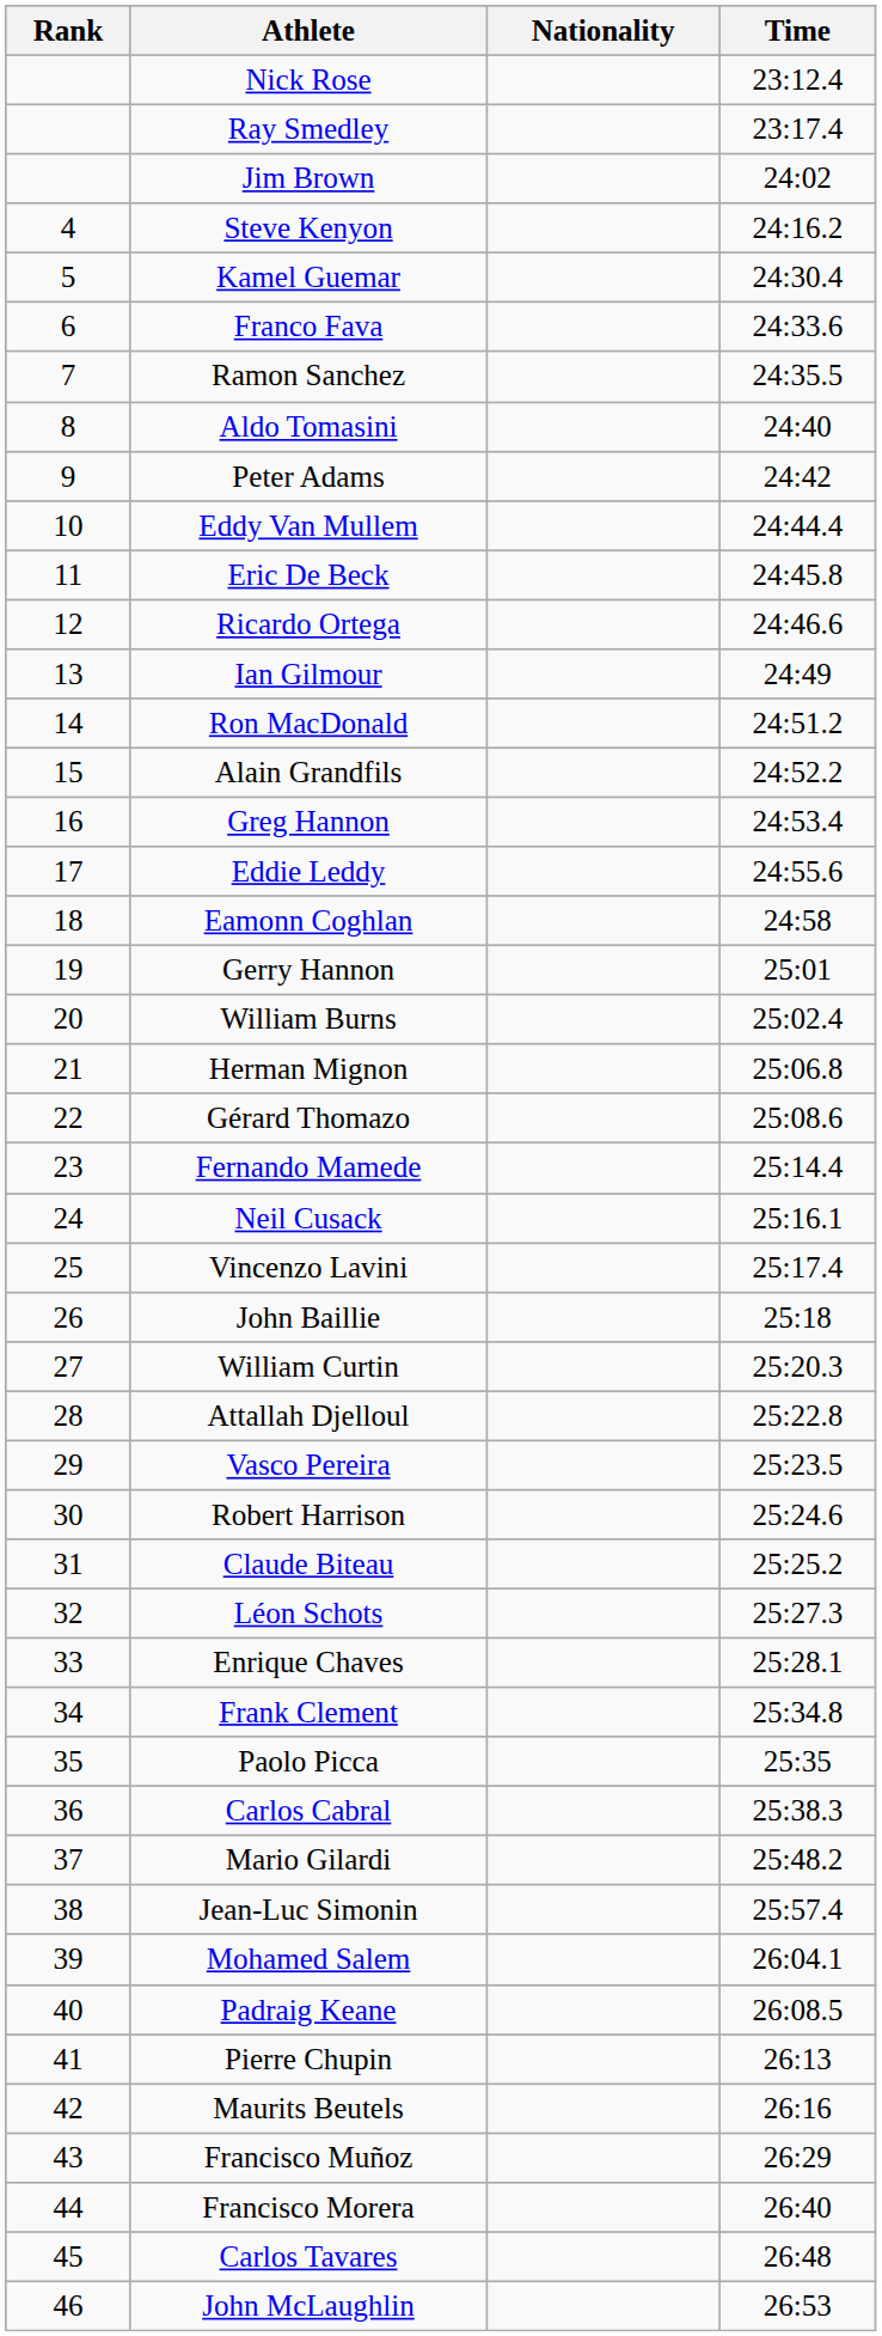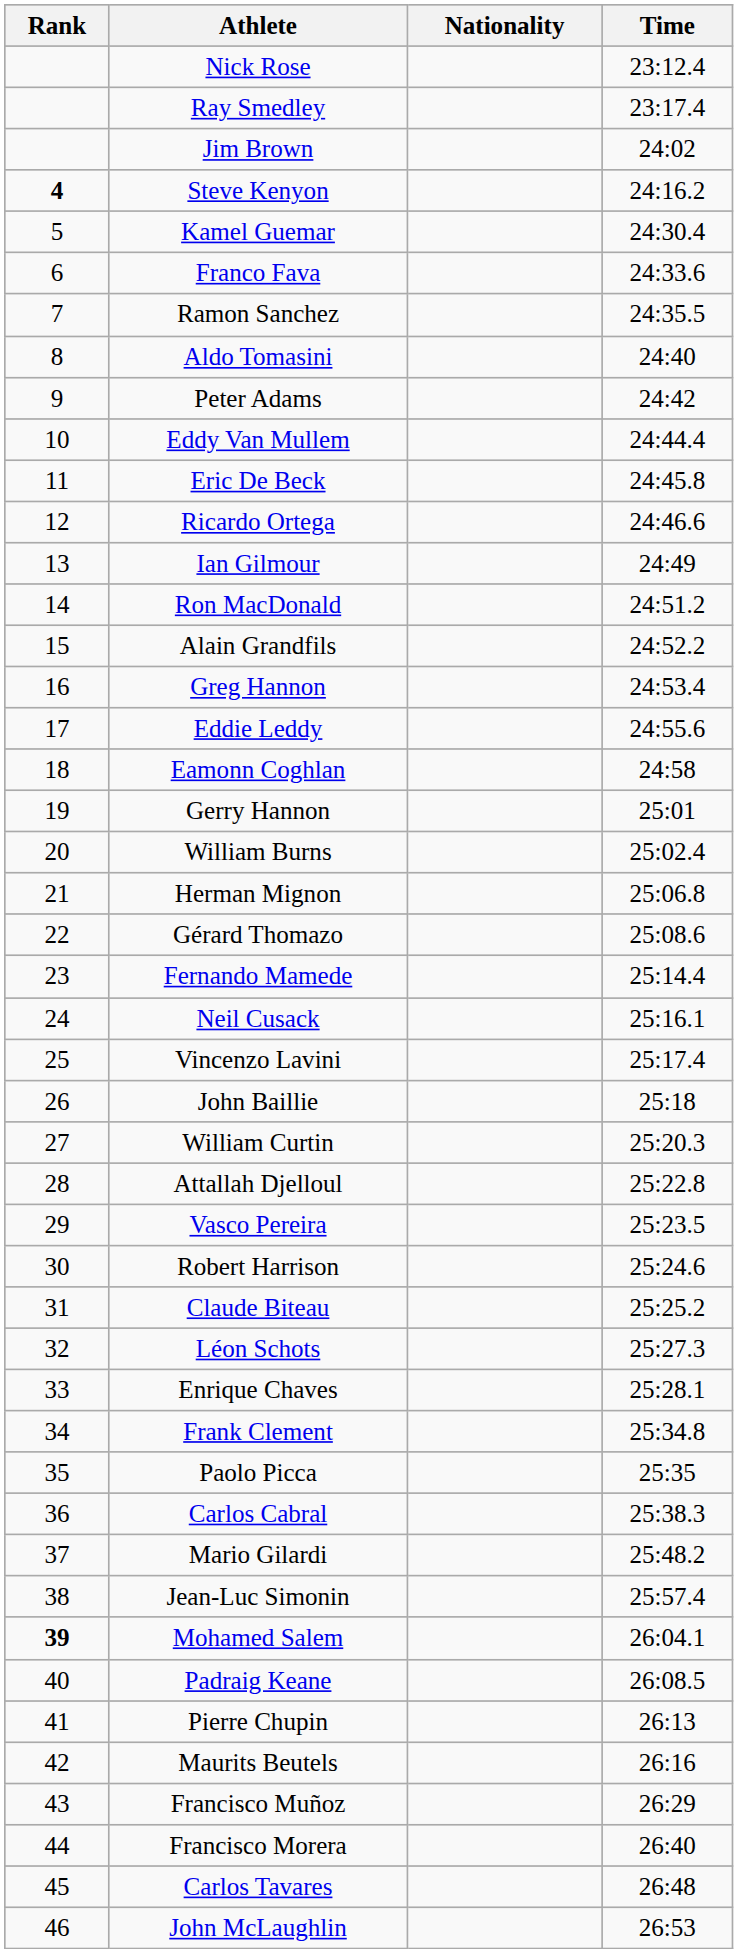 <table class="wikitable sortable" style=" text-align:center; font-size:95%;" width="50%">
 <tr>
 <th>Rank</th>
 <th>Athlete</th>
 <th>Nationality</th>
 <th>Time</th>
 </tr>
 <tr>
 <td align=center></td>
 <td><a href='#'>Nick Rose</a></td>
 <td></td>
 <td>23:12.4</td>
 </tr>
 <tr>
 <td align=center></td>
 <td><a href='#'>Ray Smedley</a></td>
 <td></td>
 <td>23:17.4</td>
 </tr>
 <tr>
 <td align=center></td>
 <td><a href='#'>Jim Brown</a></td>
 <td></td>
 <td>24:02</td>
 </tr>
 <tr>
-<td align=center>4</td>
+<td align=center><strong>4</strong></td>
 <td><a href='#'>Steve Kenyon</a></td>
 <td></td>
 <td>24:16.2</td>
 </tr>
 <tr>
 <td align=center>5</td>
 <td><a href='#'>Kamel Guemar</a></td>
 <td></td>
 <td>24:30.4</td>
 </tr>
 <tr>
 <td align=center>6</td>
 <td><a href='#'>Franco Fava</a></td>
 <td></td>
 <td>24:33.6</td>
 </tr>
 <tr>
 <td align=center>7</td>
 <td>Ramon Sanchez</td>
 <td></td>
 <td>24:35.5</td>
 </tr>
 <tr>
 <td align=center>8</td>
 <td><a href='#'>Aldo Tomasini</a></td>
 <td></td>
 <td>24:40</td>
 </tr>
 <tr>
 <td align=center>9</td>
 <td>Peter Adams</td>
 <td></td>
 <td>24:42</td>
 </tr>
 <tr>
 <td align=center>10</td>
 <td><a href='#'>Eddy Van Mullem</a></td>
 <td></td>
 <td>24:44.4</td>
 </tr>
 <tr>
 <td align=center>11</td>
 <td><a href='#'>Eric De Beck</a></td>
 <td></td>
 <td>24:45.8</td>
 </tr>
 <tr>
 <td align=center>12</td>
 <td><a href='#'>Ricardo Ortega</a></td>
 <td></td>
 <td>24:46.6</td>
 </tr>
 <tr>
 <td align=center>13</td>
 <td><a href='#'>Ian Gilmour</a></td>
 <td></td>
 <td>24:49</td>
 </tr>
 <tr>
 <td align=center>14</td>
 <td><a href='#'>Ron MacDonald</a></td>
 <td></td>
 <td>24:51.2</td>
 </tr>
 <tr>
 <td align=center>15</td>
 <td>Alain Grandfils</td>
 <td></td>
 <td>24:52.2</td>
 </tr>
 <tr>
 <td align=center>16</td>
 <td><a href='#'>Greg Hannon</a></td>
 <td></td>
 <td>24:53.4</td>
 </tr>
 <tr>
 <td align=center>17</td>
 <td><a href='#'>Eddie Leddy</a></td>
 <td></td>
 <td>24:55.6</td>
 </tr>
 <tr>
 <td align=center>18</td>
 <td><a href='#'>Eamonn Coghlan</a></td>
 <td></td>
 <td>24:58</td>
 </tr>
 <tr>
 <td align=center>19</td>
 <td>Gerry Hannon</td>
 <td></td>
 <td>25:01</td>
 </tr>
 <tr>
 <td align=center>20</td>
 <td>William Burns</td>
 <td></td>
 <td>25:02.4</td>
 </tr>
 <tr>
 <td align=center>21</td>
 <td>Herman Mignon</td>
 <td></td>
 <td>25:06.8</td>
 </tr>
 <tr>
 <td align=center>22</td>
 <td>Gérard Thomazo</td>
 <td></td>
 <td>25:08.6</td>
 </tr>
 <tr>
 <td align=center>23</td>
 <td><a href='#'>Fernando Mamede</a></td>
 <td></td>
 <td>25:14.4</td>
 </tr>
 <tr>
 <td align=center>24</td>
 <td><a href='#'>Neil Cusack</a></td>
 <td></td>
 <td>25:16.1</td>
 </tr>
 <tr>
 <td align=center>25</td>
 <td>Vincenzo Lavini</td>
 <td></td>
 <td>25:17.4</td>
 </tr>
 <tr>
 <td align=center>26</td>
 <td>John Baillie</td>
 <td></td>
 <td>25:18</td>
 </tr>
 <tr>
 <td align=center>27</td>
 <td>William Curtin</td>
 <td></td>
 <td>25:20.3</td>
 </tr>
 <tr>
 <td align=center>28</td>
 <td>Attallah Djelloul</td>
 <td></td>
 <td>25:22.8</td>
 </tr>
 <tr>
 <td align=center>29</td>
 <td><a href='#'>Vasco Pereira</a></td>
 <td></td>
 <td>25:23.5</td>
 </tr>
 <tr>
 <td align=center>30</td>
 <td>Robert Harrison</td>
 <td></td>
 <td>25:24.6</td>
 </tr>
 <tr>
 <td align=center>31</td>
 <td><a href='#'>Claude Biteau</a></td>
 <td></td>
 <td>25:25.2</td>
 </tr>
 <tr>
 <td align=center>32</td>
 <td><a href='#'>Léon Schots</a></td>
 <td></td>
 <td>25:27.3</td>
 </tr>
 <tr>
 <td align=center>33</td>
 <td>Enrique Chaves</td>
 <td></td>
 <td>25:28.1</td>
 </tr>
 <tr>
 <td align=center>34</td>
 <td><a href='#'>Frank Clement</a></td>
 <td></td>
 <td>25:34.8</td>
 </tr>
 <tr>
 <td align=center>35</td>
 <td>Paolo Picca</td>
 <td></td>
 <td>25:35</td>
 </tr>
 <tr>
 <td align=center>36</td>
 <td><a href='#'>Carlos Cabral</a></td>
 <td></td>
 <td>25:38.3</td>
 </tr>
 <tr>
 <td align=center>37</td>
 <td>Mario Gilardi</td>
 <td></td>
 <td>25:48.2</td>
 </tr>
 <tr>
 <td align=center>38</td>
 <td>Jean-Luc Simonin</td>
 <td></td>
 <td>25:57.4</td>
 </tr>
 <tr>
-<td align=center>39</td>
+<td align=center><strong>39</strong></td>
 <td><a href='#'>Mohamed Salem</a></td>
 <td></td>
 <td>26:04.1</td>
 </tr>
 <tr>
 <td align=center>40</td>
 <td><a href='#'>Padraig Keane</a></td>
 <td></td>
 <td>26:08.5</td>
 </tr>
 <tr>
 <td align=center>41</td>
 <td>Pierre Chupin</td>
 <td></td>
 <td>26:13</td>
 </tr>
 <tr>
 <td align=center>42</td>
 <td>Maurits Beutels</td>
 <td></td>
 <td>26:16</td>
 </tr>
 <tr>
 <td align=center>43</td>
 <td>Francisco Muñoz</td>
 <td></td>
 <td>26:29</td>
 </tr>
 <tr>
 <td align=center>44</td>
 <td>Francisco Morera</td>
 <td></td>
 <td>26:40</td>
 </tr>
 <tr>
 <td align=center>45</td>
 <td><a href='#'>Carlos Tavares</a></td>
 <td></td>
 <td>26:48</td>
 </tr>
 <tr>
 <td align=center>46</td>
 <td><a href='#'>John McLaughlin</a></td>
 <td></td>
 <td>26:53</td>
 </tr>
 </table>
